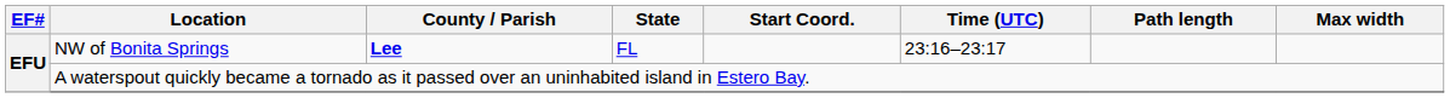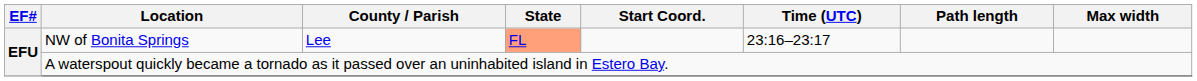 <table class="wikitable sortable" style="width:100%;">
 <tr>
 <th scope="col" width="2%" align="center"><a href='#'>EF#</a></th>
 <th scope="col" align="center" class="unsortable">Location</th>
 <th scope="col" align="center" class="unsortable">County / Parish</th>
 <th scope="col" align="center">State</th>
 <th scope="col" align="center">Start Coord.</th>
 <th scope="col" align="center">Time (<a href='#'>UTC</a>)</th>
 <th scope="col" align="center">Path length</th>
 <th scope="col" align="center">Max width</th>
 </tr>
 <tr>
 <th scope="row" rowspan="2" style="background-color:#">EFU</th>
 <td>NW of <a href='#'>Bonita Springs</a></td>
-<td><strong><a href='#'>Lee</a></strong></td>
-<td><a href='#'>FL</a></td>
+<td><a href='#'>Lee</a></td>
+<td style="background: lightsalmon;"><a href='#'>FL</a></td>
 <td></td>
 <td>23:16–23:17</td>
 <td></td>
 <td></td>
 </tr>
 <tr class="expand-child">
 <td colspan="8" style=" border-bottom: 1px solid black;">A waterspout quickly became a tornado as it passed over an uninhabited island in <a href='#'>Estero Bay</a>.</td>
 </tr>
 <tr>
 </tr>
 </table>
